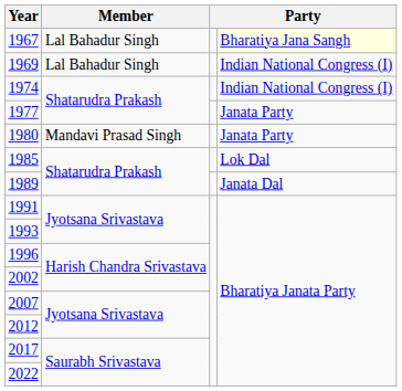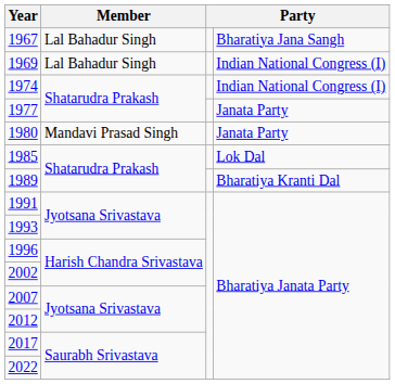 <table class="wikitable">
 <tr>
 <th>Year</th>
 <th>Member</th>
 <th colspan="2">Party</th>
 </tr>
 <tr>
 <td><a href='#'>1967</a></td>
 <td>Lal Bahadur Singh</td>
 <td style="background-color: "></td>
-<td style="background: lightyellow;"><a href='#'>Bharatiya Jana Sangh</a></td>
+<td><a href='#'>Bharatiya Jana Sangh</a></td>
 </tr>
 <tr>
 <td><a href='#'>1969</a></td>
 <td>Lal Bahadur Singh</td>
 <td style="background-color: "></td>
 <td><a href='#'>Indian National Congress (I)</a></td>
 </tr>
 <tr>
 <td><a href='#'>1974</a></td>
 <td rowspan="2"><a href='#'>Shatarudra Prakash</a></td>
 <td style="background-color: "></td>
 <td><a href='#'>Indian National Congress (I)</a></td>
 </tr>
 <tr>
 <td><a href='#'>1977</a></td>
 <td style="background-color: "></td>
 <td><a href='#'>Janata Party</a></td>
 </tr>
 <tr>
 <td><a href='#'>1980</a></td>
 <td>Mandavi Prasad Singh</td>
 <td style="background-color: "></td>
 <td><a href='#'>Janata Party</a></td>
 </tr>
 <tr>
 <td><a href='#'>1985</a></td>
 <td rowspan="2"><a href='#'>Shatarudra Prakash</a></td>
 <td style="background-color: "></td>
 <td><a href='#'>Lok Dal</a></td>
 </tr>
 <tr>
 <td><a href='#'>1989</a></td>
 <td style="background-color: "></td>
-<td><a href='#'>Janata Dal</a></td>
+<td><a href='#'>Bharatiya Kranti Dal</a></td>
 </tr>
 <tr>
 <td><a href='#'>1991</a></td>
 <td rowspan="2"><a href='#'>Jyotsana Srivastava</a></td>
 <td rowspan="8" style="background-color: "></td>
 <td rowspan="8"><a href='#'>Bharatiya Janata Party</a></td>
 </tr>
 <tr>
 <td><a href='#'>1993</a></td>
 </tr>
 <tr>
 <td><a href='#'>1996</a></td>
 <td rowspan="2"><a href='#'>Harish Chandra Srivastava</a></td>
 </tr>
 <tr>
 <td><a href='#'>2002</a></td>
 </tr>
 <tr>
 <td><a href='#'>2007</a></td>
 <td rowspan="2"><a href='#'>Jyotsana Srivastava</a></td>
 </tr>
 <tr>
 <td><a href='#'>2012</a></td>
 </tr>
 <tr>
 <td><a href='#'>2017</a></td>
 <td rowspan="2"><a href='#'>Saurabh Srivastava</a></td>
 </tr>
 <tr>
 <td><a href='#'>2022</a></td>
 </tr>
 </table>
